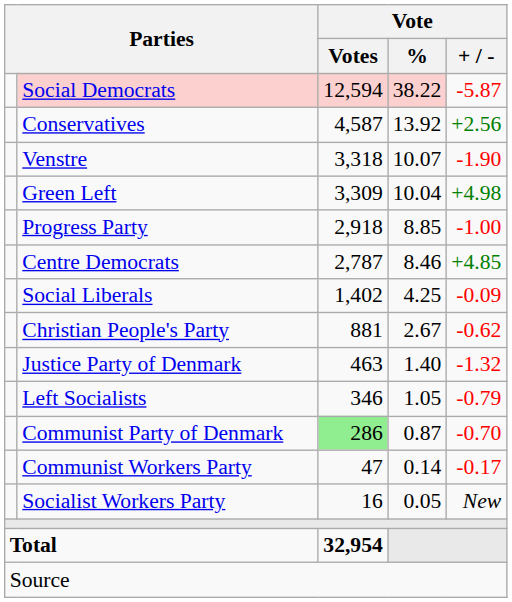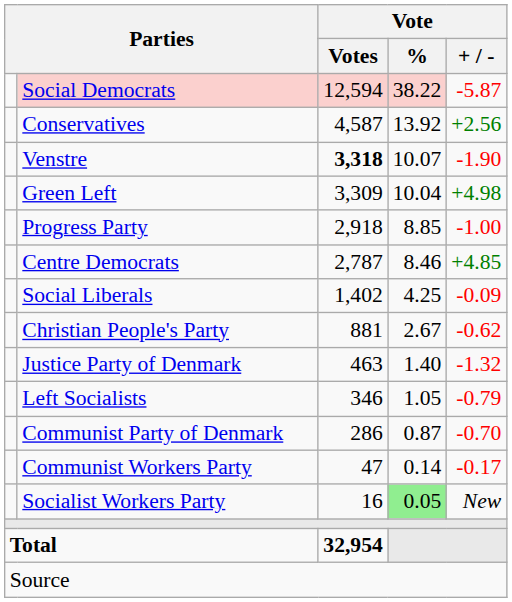 <table class="wikitable" style="text-align:right;">
 <tr>
 <th style="text-align:centre;" rowspan="2" colspan="2" width="225">Parties</th>
 <th colspan="3">Vote</th>
 </tr>
 <tr>
 <th width="15">Votes</th>
 <th width="15">%</th>
 <th width="15">+ / -</th>
 </tr>
 <tr>
 <td width="2" style="color:inherit;background:"></td>
 <td bgcolor=#fbd0ce  align="left"><a href='#'>Social Democrats</a></td>
 <td bgcolor=#fbd0ce>12,594</td>
 <td bgcolor=#fbd0ce>38.22</td>
 <td style=color:red;>-5.87</td>
 </tr>
 <tr>
 <td width="2" style="color:inherit;background:"></td>
 <td align="left"><a href='#'>Conservatives</a></td>
 <td>4,587</td>
 <td>13.92</td>
 <td style=color:green;>+2.56</td>
 </tr>
 <tr>
 <td width="2" style="color:inherit;background:"></td>
 <td align="left"><a href='#'>Venstre</a></td>
-<td>3,318</td>
+<td><strong>3,318</strong></td>
 <td>10.07</td>
 <td style=color:red;>-1.90</td>
 </tr>
 <tr>
 <td width="2" style="color:inherit;background:"></td>
 <td align="left"><a href='#'>Green Left</a></td>
 <td>3,309</td>
 <td>10.04</td>
 <td style=color:green;>+4.98</td>
 </tr>
 <tr>
 <td width="2" style="color:inherit;background:"></td>
 <td align="left"><a href='#'>Progress Party</a></td>
 <td>2,918</td>
 <td>8.85</td>
 <td style=color:red;>-1.00</td>
 </tr>
 <tr>
 <td width="2" style="color:inherit;background:"></td>
 <td align="left"><a href='#'>Centre Democrats</a></td>
 <td>2,787</td>
 <td>8.46</td>
 <td style=color:green;>+4.85</td>
 </tr>
 <tr>
 <td width="2" style="color:inherit;background:"></td>
 <td align="left"><a href='#'>Social Liberals</a></td>
 <td>1,402</td>
 <td>4.25</td>
 <td style=color:red;>-0.09</td>
 </tr>
 <tr>
 <td width="2" style="color:inherit;background:"></td>
 <td align="left"><a href='#'>Christian People's Party</a></td>
 <td>881</td>
 <td>2.67</td>
 <td style=color:red;>-0.62</td>
 </tr>
 <tr>
 <td width="2" style="color:inherit;background:"></td>
 <td align="left"><a href='#'>Justice Party of Denmark</a></td>
 <td>463</td>
 <td>1.40</td>
 <td style=color:red;>-1.32</td>
 </tr>
 <tr>
 <td width="2" style="color:inherit;background:"></td>
 <td align="left"><a href='#'>Left Socialists</a></td>
 <td>346</td>
 <td>1.05</td>
 <td style=color:red;>-0.79</td>
 </tr>
 <tr>
 <td width="2" style="color:inherit;background:"></td>
 <td align="left"><a href='#'>Communist Party of Denmark</a></td>
-<td style="background: lightgreen;">286</td>
+<td>286</td>
 <td>0.87</td>
 <td style=color:red;>-0.70</td>
 </tr>
 <tr>
 <td width="2" style="color:inherit;background:"></td>
 <td align="left"><a href='#'>Communist Workers Party</a></td>
 <td>47</td>
 <td>0.14</td>
 <td style=color:red;>-0.17</td>
 </tr>
 <tr>
 <td width="2" style="color:inherit;background:"></td>
 <td align="left"><a href='#'>Socialist Workers Party</a></td>
 <td>16</td>
-<td>0.05</td>
+<td style="background: lightgreen;">0.05</td>
 <td><em>New</em></td>
 </tr>
 <tr>
 <td colspan="7" bgcolor="#E9E9E9"></td>
 </tr>
 <tr>
 <td align="left" colspan="2"><strong>Total</strong></td>
 <td><strong>32,954</strong></td>
 <td bgcolor="#E9E9E9" colspan="2"></td>
 </tr>
 <tr>
 <td align="left" colspan="6">Source</td>
 </tr>
 </table>
